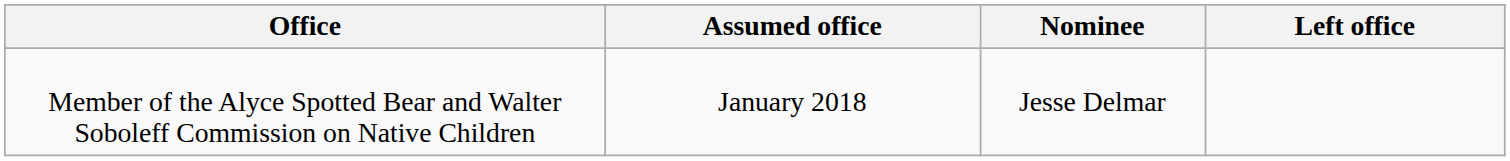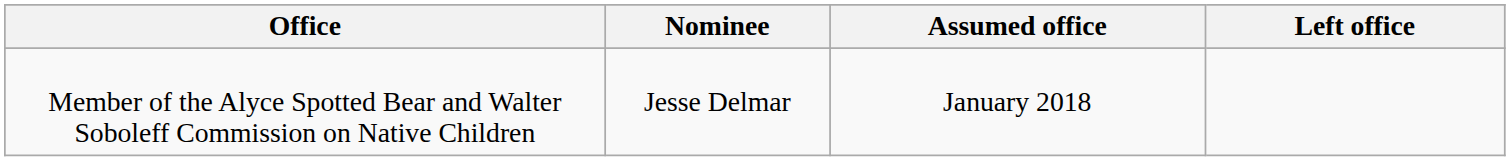 <table class="wikitable sortable" style="text-align:center">
 <tr>
 <th style="width:40%;">Office</th>
+<th style="width:15%;">Nominee</th>
 <th style="width:25%;" data-sort- type="date">Assumed office</th>
-<th style="width:15%;">Nominee</th>
 <th style="width:20%;" data-sort- type="date">Left office</th>
 </tr>
 <tr>
 <td><br>Member of the Alyce Spotted Bear and Walter Soboleff Commission on Native Children</td>
+<td>Jesse Delmar</td>
 <td>January 2018</td>
-<td>Jesse Delmar</td>
 <td></td>
 </tr>
 </table>
